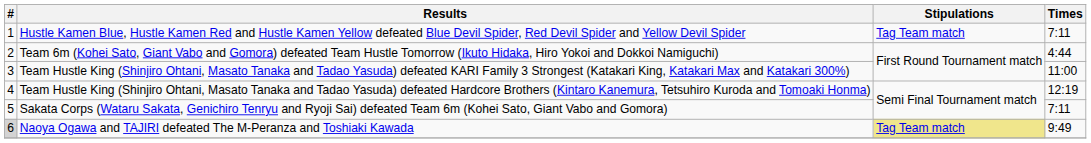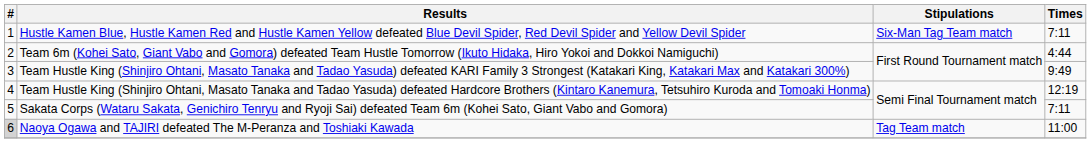 <table style="font-size: 85%" class="wikitable sortable">
 <tr>
 <th><strong>#</strong></th>
 <th><strong>Results</strong></th>
 <th><strong>Stipulations</strong></th>
 <th><strong>Times</strong></th>
 </tr>
 <tr>
 <td>1</td>
 <td><a href='#'>Hustle Kamen Blue</a>, <a href='#'>Hustle Kamen Red</a> and <a href='#'>Hustle Kamen Yellow</a> defeated <a href='#'>Blue Devil Spider</a>, <a href='#'>Red Devil Spider</a> and <a href='#'>Yellow Devil Spider</a></td>
-<td><a href='#'>Tag Team match</a></td>
+<td><a href='#'>Six-Man Tag Team match</a></td>
 <td>7:11</td>
 </tr>
 <tr>
 <td>2</td>
 <td>Team 6m (<a href='#'>Kohei Sato</a>, <a href='#'>Giant Vabo</a> and <a href='#'>Gomora</a>) defeated Team Hustle Tomorrow (<a href='#'>Ikuto Hidaka</a>, Hiro Yokoi and Dokkoi Namiguchi)</td>
 <td rowspan="2">First Round Tournament match</td>
 <td>4:44</td>
 </tr>
 <tr>
 <td>3</td>
 <td>Team Hustle King (<a href='#'>Shinjiro Ohtani</a>, <a href='#'>Masato Tanaka</a> and <a href='#'>Tadao Yasuda</a>) defeated KARI Family 3 Strongest (Katakari King, <a href='#'>Katakari Max</a> and <a href='#'>Katakari 300%</a>)</td>
-<td>11:00</td>
+<td>9:49</td>
 </tr>
 <tr>
 <td>4</td>
 <td>Team Hustle King (Shinjiro Ohtani, Masato Tanaka and Tadao Yasuda) defeated Hardcore Brothers (<a href='#'>Kintaro Kanemura</a>, Tetsuhiro Kuroda and <a href='#'>Tomoaki Honma</a>)</td>
 <td rowspan="2">Semi Final Tournament match</td>
 <td>12:19</td>
 </tr>
 <tr>
 <td>5</td>
 <td>Sakata Corps (<a href='#'>Wataru Sakata</a>, <a href='#'>Genichiro Tenryu</a> and Ryoji Sai) defeated Team 6m (Kohei Sato, Giant Vabo and Gomora)</td>
 <td>7:11</td>
 </tr>
 <tr>
 <td style="background: lightgrey;">6</td>
 <td><a href='#'>Naoya Ogawa</a> and <a href='#'>TAJIRI</a> defeated The M-Peranza and <a href='#'>Toshiaki Kawada</a></td>
-<td style="background: khaki;"><a href='#'>Tag Team match</a></td>
-<td>9:49</td>
+<td><a href='#'>Tag Team match</a></td>
+<td>11:00</td>
 </tr>
 <tr>
 </tr>
 </table>
